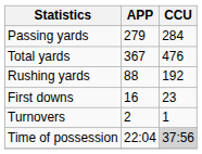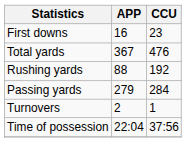 <table class="wikitable" style="float: left;">
 <tr>
 <th>Statistics</th>
 <th>APP</th>
 <th>CCU</th>
 </tr>
 <tr>
-<td>Passing yards</td>
-<td>279</td>
-<td>284</td>
+<td>First downs</td>
+<td>16</td>
+<td>23</td>
 </tr>
 <tr>
 <td>Total yards</td>
 <td>367</td>
 <td>476</td>
 </tr>
 <tr>
 <td>Rushing yards</td>
 <td>88</td>
 <td>192</td>
 </tr>
 <tr>
-<td>First downs</td>
-<td>16</td>
-<td>23</td>
+<td>Passing yards</td>
+<td>279</td>
+<td>284</td>
 </tr>
 <tr>
 <td>Turnovers</td>
 <td>2</td>
 <td>1</td>
 </tr>
 <tr>
 <td>Time of possession</td>
 <td>22:04</td>
-<td style="background: lightgrey;">37:56</td>
+<td>37:56</td>
 </tr>
 <tr>
 </tr>
 </table>
